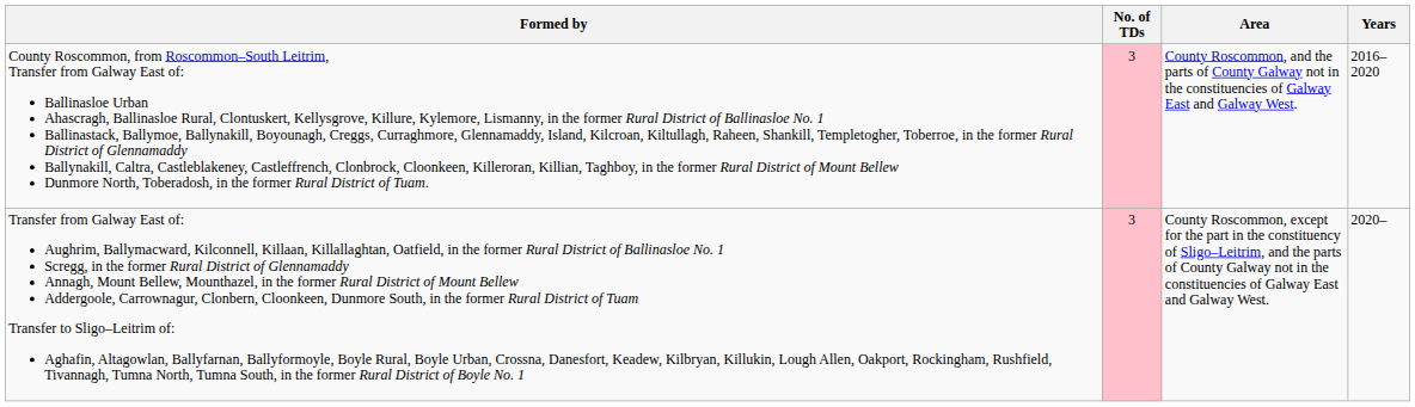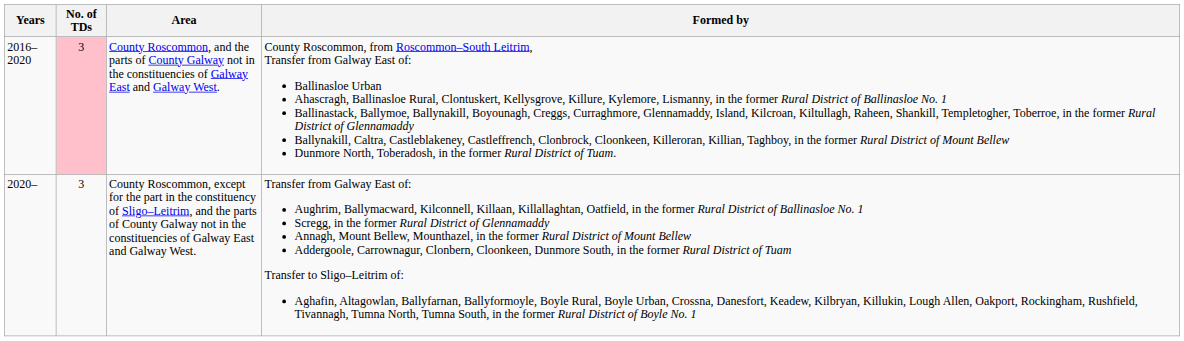 <table class="wikitable">
 <tr>
-<th>Formed by</th>
+<th>Years</th>
 <th>No. of TDs</th>
 <th width=200px>Area</th>
-<th>Years</th>
+<th>Formed by</th>
 </tr>
 <tr style="vertical-align:top">
-<td>County Roscommon, from <a href='#'>Roscommon–South Leitrim</a>,<br>Transfer from Galway East of:<ul><li>Ballinasloe Urban</li><li>Ahascragh, Ballinasloe Rural, Clontuskert, Kellysgrove, Killure, Kylemore, Lismanny, in the former <em>Rural District of Ballinasloe No. 1</em></li><li>Ballinastack, Ballymoe, Ballynakill, Boyounagh, Creggs, Curraghmore, Glennamaddy, Island, Kilcroan, Kiltullagh, Raheen, Shankill, Templetogher, Toberroe, in the former <em>Rural District of Glennamaddy</em></li><li>Ballynakill, Caltra, Castleblakeney, Castleffrench, Clonbrock, Cloonkeen, Killeroran, Killian, Taghboy, in the former <em>Rural District of Mount Bellew</em></li><li>Dunmore North, Toberadosh, in the former <em>Rural District of Tuam</em>.</li></ul></td>
+<td>2016–2020</td>
 <td style="background: pink; text-align:center">3</td>
 <td><a href='#'>County Roscommon</a>, and the parts of <a href='#'>County Galway</a> not in the constituencies of <a href='#'>Galway East</a> and <a href='#'>Galway West</a>.</td>
-<td>2016–2020</td>
+<td>County Roscommon, from <a href='#'>Roscommon–South Leitrim</a>,<br>Transfer from Galway East of:<ul><li>Ballinasloe Urban</li><li>Ahascragh, Ballinasloe Rural, Clontuskert, Kellysgrove, Killure, Kylemore, Lismanny, in the former <em>Rural District of Ballinasloe No. 1</em></li><li>Ballinastack, Ballymoe, Ballynakill, Boyounagh, Creggs, Curraghmore, Glennamaddy, Island, Kilcroan, Kiltullagh, Raheen, Shankill, Templetogher, Toberroe, in the former <em>Rural District of Glennamaddy</em></li><li>Ballynakill, Caltra, Castleblakeney, Castleffrench, Clonbrock, Cloonkeen, Killeroran, Killian, Taghboy, in the former <em>Rural District of Mount Bellew</em></li><li>Dunmore North, Toberadosh, in the former <em>Rural District of Tuam</em>.</li></ul></td>
 </tr>
 <tr style="vertical-align:top">
+<td>2020–</td>
+<td style="text-align:center">3</td>
+<td>County Roscommon, except for the part in the constituency of <a href='#'>Sligo–Leitrim</a>, and the parts of County Galway not in the constituencies of Galway East and Galway West.</td>
 <td>Transfer from Galway East of:<br><ul><li>Aughrim, Ballymacward, Kilconnell, Killaan, Killallaghtan, Oatfield, in the former <em>Rural District of Ballinasloe No. 1</em></li><li>Scregg, in the former <em>Rural District of Glennamaddy</em></li><li>Annagh, Mount Bellew, Mounthazel, in the former <em>Rural District of Mount Bellew</em></li><li>Addergoole, Carrownagur, Clonbern, Cloonkeen, Dunmore South, in the former <em>Rural District of Tuam</em></li></ul>Transfer to Sligo–Leitrim of:<ul><li>Aghafin, Altagowlan, Ballyfarnan, Ballyformoyle, Boyle Rural, Boyle Urban, Crossna, Danesfort, Keadew, Kilbryan, Killukin, Lough Allen, Oakport, Rockingham, Rushfield, Tivannagh, Tumna North, Tumna South, in the former <em>Rural District of Boyle No. 1</em></li></ul></td>
-<td style="background: pink; text-align:center">3</td>
-<td>County Roscommon, except for the part in the constituency of <a href='#'>Sligo–Leitrim</a>, and the parts of County Galway not in the constituencies of Galway East and Galway West.</td>
-<td>2020–</td>
 </tr>
 </table>
